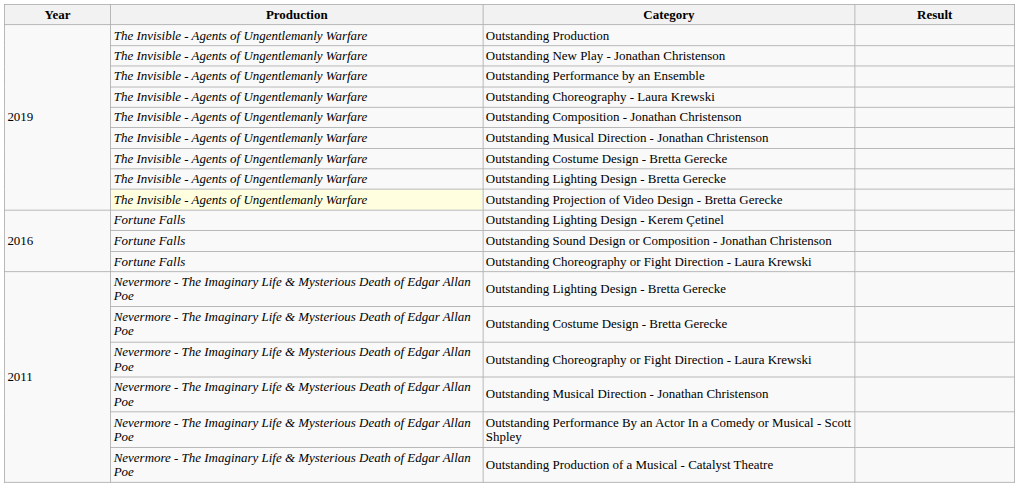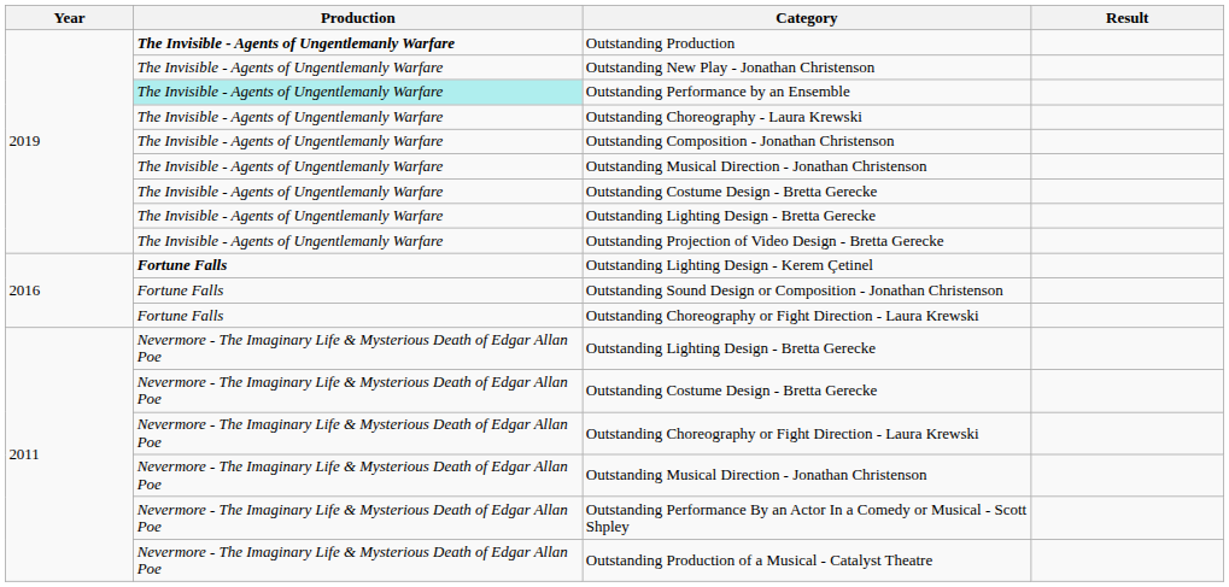 <table class="wikitable">
 <tr>
 <th style="width:10%;">Year</th>
 <th style="width:35%;">Production</th>
 <th style="width:35%;">Category</th>
 <th style="width:15%;">Result</th>
 </tr>
 <tr>
 <td rowspan="9">2019</td>
-<td><em>The Invisible - Agents of Ungentlemanly Warfare</em></td>
+<td><strong><em>The Invisible - Agents of Ungentlemanly Warfare</em></strong></td>
 <td>Outstanding Production</td>
 <td></td>
 </tr>
 <tr>
 <td><em>The Invisible - Agents of Ungentlemanly Warfare</em></td>
 <td>Outstanding New Play - Jonathan Christenson</td>
 <td></td>
 </tr>
 <tr>
-<td><em>The Invisible - Agents of Ungentlemanly Warfare</em></td>
+<td style="background: paleturquoise;"><em>The Invisible - Agents of Ungentlemanly Warfare</em></td>
 <td>Outstanding Performance by an Ensemble</td>
 <td></td>
 </tr>
 <tr>
 <td><em>The Invisible - Agents of Ungentlemanly Warfare</em></td>
 <td>Outstanding Choreography - Laura Krewski</td>
 <td></td>
 </tr>
 <tr>
 <td><em>The Invisible - Agents of Ungentlemanly Warfare</em></td>
 <td>Outstanding Composition - Jonathan Christenson</td>
 <td></td>
 </tr>
 <tr>
 <td><em>The Invisible - Agents of Ungentlemanly Warfare</em></td>
 <td>Outstanding Musical Direction - Jonathan Christenson</td>
 <td></td>
 </tr>
 <tr>
 <td><em>The Invisible - Agents of Ungentlemanly Warfare</em></td>
 <td>Outstanding Costume Design - Bretta Gerecke</td>
 <td></td>
 </tr>
 <tr>
 <td><em>The Invisible - Agents of Ungentlemanly Warfare</em></td>
 <td>Outstanding Lighting Design - Bretta Gerecke</td>
 <td></td>
 </tr>
 <tr>
-<td style="background: lightyellow;"><em>The Invisible - Agents of Ungentlemanly Warfare</em></td>
+<td><em>The Invisible - Agents of Ungentlemanly Warfare</em></td>
 <td>Outstanding Projection of Video Design - Bretta Gerecke</td>
 <td></td>
 </tr>
 <tr>
 <td rowspan="3">2016</td>
-<td><em>Fortune Falls</em></td>
+<td><strong><em>Fortune Falls</em></strong></td>
 <td>Outstanding Lighting Design - Kerem Çetinel</td>
 <td></td>
 </tr>
 <tr>
 <td><em>Fortune Falls</em></td>
 <td>Outstanding Sound Design or Composition - Jonathan Christenson</td>
 <td></td>
 </tr>
 <tr>
 <td><em>Fortune Falls</em></td>
 <td>Outstanding Choreography or Fight Direction - Laura Krewski</td>
 <td></td>
 </tr>
 <tr>
 <td rowspan="6">2011</td>
 <td><em>Nevermore - The Imaginary Life & Mysterious Death of Edgar Allan Poe</em></td>
 <td>Outstanding Lighting Design - Bretta Gerecke</td>
 <td></td>
 </tr>
 <tr>
 <td><em>Nevermore - The Imaginary Life & Mysterious Death of Edgar Allan Poe</em></td>
 <td>Outstanding Costume Design - Bretta Gerecke</td>
 <td></td>
 </tr>
 <tr>
 <td><em>Nevermore - The Imaginary Life & Mysterious Death of Edgar Allan Poe</em></td>
 <td>Outstanding Choreography or Fight Direction - Laura Krewski</td>
 <td></td>
 </tr>
 <tr>
 <td><em>Nevermore - The Imaginary Life & Mysterious Death of Edgar Allan Poe</em></td>
 <td>Outstanding Musical Direction - Jonathan Christenson</td>
 <td></td>
 </tr>
 <tr>
 <td><em>Nevermore - The Imaginary Life & Mysterious Death of Edgar Allan Poe</em></td>
 <td>Outstanding Performance By an Actor In a Comedy or Musical - Scott Shpley</td>
 <td></td>
 </tr>
 <tr>
 <td><em>Nevermore - The Imaginary Life & Mysterious Death of Edgar Allan Poe</em></td>
 <td>Outstanding Production of a Musical - Catalyst Theatre</td>
 <td></td>
 </tr>
 </table>
